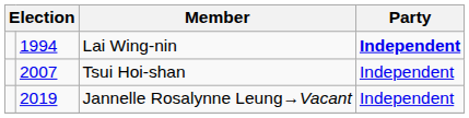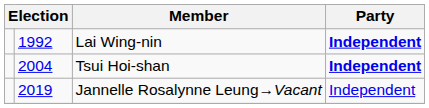 <table class="wikitable">
 <tr>
 <th colspan="2">Election</th>
 <th>Member</th>
 <th>Party</th>
 </tr>
 <tr>
 <td style="background-color: "></td>
-<td><a href='#'>1994</a></td>
+<td><a href='#'>1992</a></td>
 <td>Lai Wing-nin</td>
 <td><strong><a href='#'>Independent</a></strong></td>
 </tr>
 <tr>
 <td style="background-color: "></td>
-<td><a href='#'>2007</a></td>
+<td><a href='#'>2004</a></td>
 <td>Tsui Hoi-shan</td>
-<td><a href='#'>Independent</a></td>
+<td><strong><a href='#'>Independent</a></strong></td>
 </tr>
 <tr>
 <td style="background-color: "></td>
 <td><a href='#'>2019</a></td>
 <td>Jannelle Rosalynne Leung→<em>Vacant</em> </td>
 <td><a href='#'>Independent</a></td>
 </tr>
 <tr>
 </tr>
 </table>
